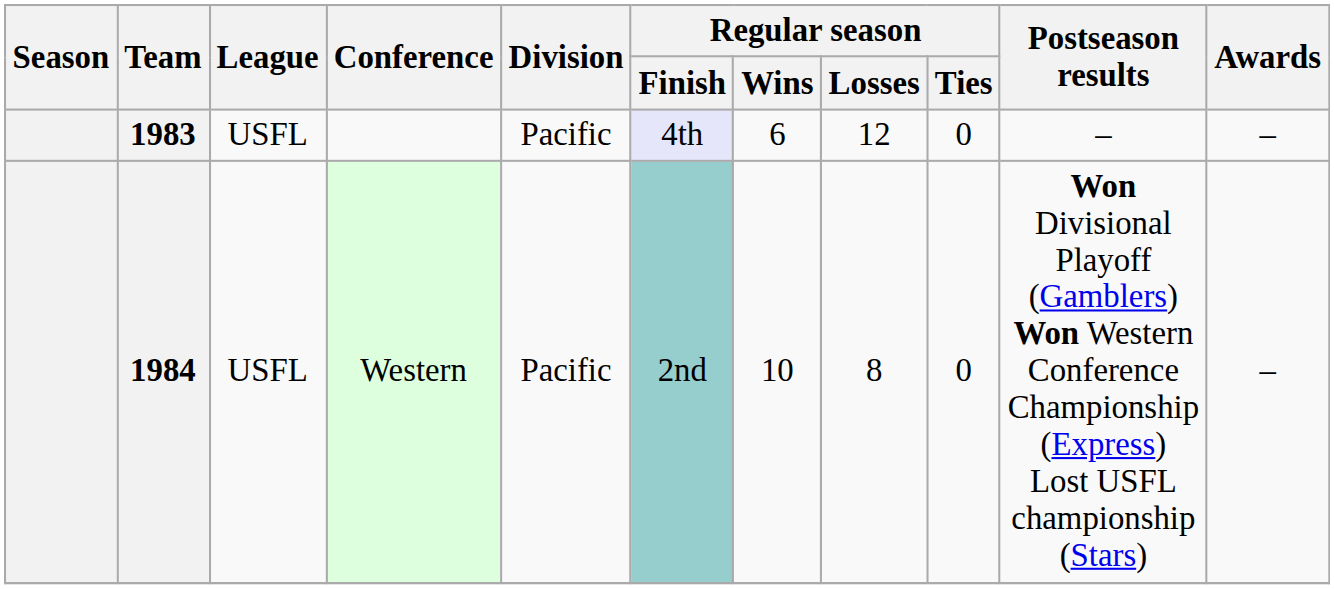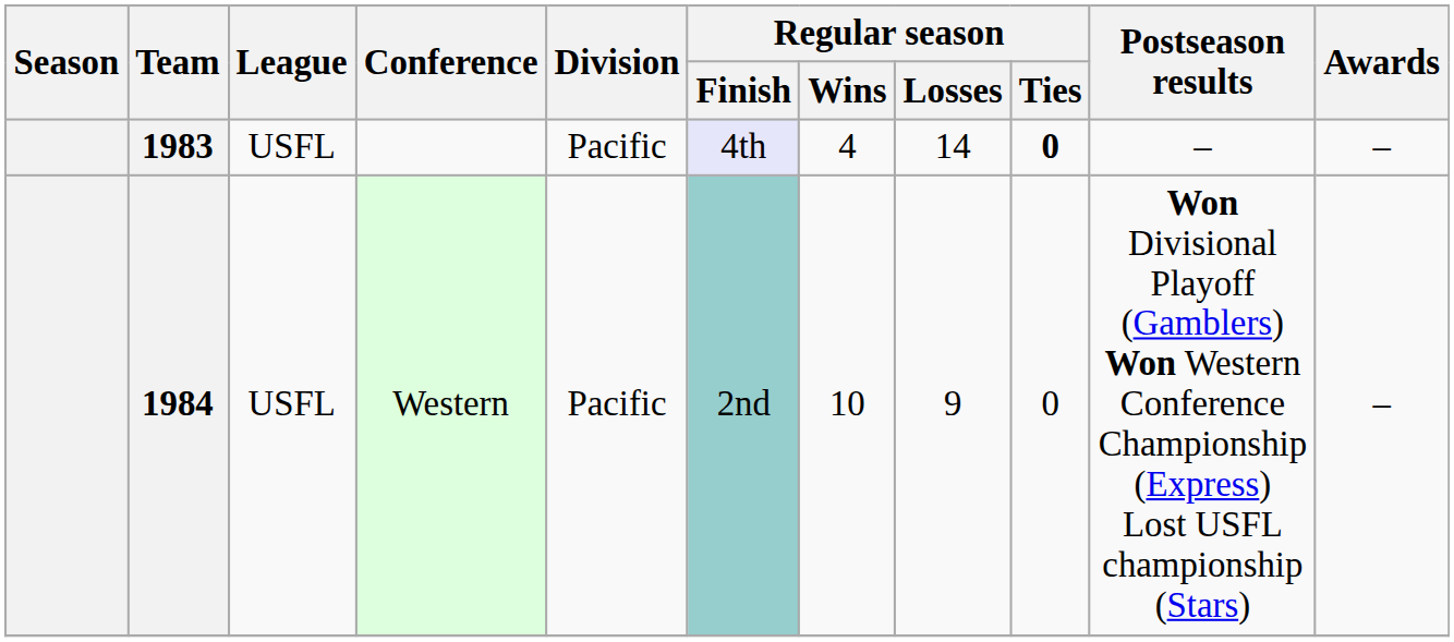 <table class="wikitable" style="text-align:center;">
 <tr>
 <th rowspan="2">Season</th>
 <th rowspan="2">Team</th>
 <th rowspan="2">League</th>
 <th rowspan="2">Conference</th>
 <th rowspan="2">Division</th>
 <th colspan="4">Regular season</th>
 <th rowspan="2">Postseason results</th>
 <th rowspan="2">Awards</th>
 </tr>
 <tr>
 <th>Finish</th>
 <th>Wins</th>
 <th>Losses</th>
 <th>Ties</th>
 </tr>
 <tr>
 <th></th>
 <th>1983</th>
 <td>USFL</td>
 <td></td>
 <td>Pacific</td>
 <td style="background: lavender;">4th</td>
-<td>6</td>
-<td>12</td>
-<td>0</td>
+<td>4</td>
+<td>14</td>
+<td><strong>0</strong></td>
 <td>–</td>
 <td>–</td>
 </tr>
 <tr>
 <th></th>
 <th>1984</th>
 <td>USFL</td>
 <td style="background:#ddffdd">Western</td>
 <td>Pacific</td>
 <td style="background:#96cdcd">2nd</td>
 <td>10</td>
-<td>8</td>
+<td>9</td>
 <td>0</td>
 <td><strong>Won</strong> Divisional Playoff (<a href='#'>Gamblers</a>) <br> <strong>Won</strong> Western Conference Championship (<a href='#'>Express</a>) <br> Lost USFL championship (<a href='#'>Stars</a>)</td>
 <td>–</td>
 </tr>
 <tr>
 </tr>
 </table>
